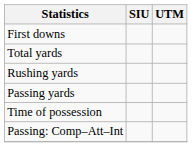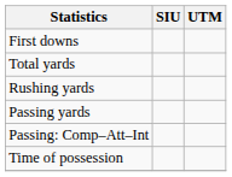 <table class="wikitable" style="float: left;">
 <tr>
 <th>Statistics</th>
 <th>SIU</th>
 <th>UTM</th>
 </tr>
 <tr>
 <td>First downs</td>
 <td></td>
 <td></td>
 </tr>
 <tr>
 <td>Total yards</td>
 <td></td>
 <td></td>
 </tr>
 <tr>
 <td>Rushing yards</td>
 <td></td>
 <td></td>
 </tr>
 <tr>
 <td>Passing yards</td>
 <td></td>
 <td></td>
 </tr>
 <tr>
-<td>Time of possession</td>
+<td>Passing: Comp–Att–Int</td>
 <td></td>
 <td></td>
 </tr>
 <tr>
-<td>Passing: Comp–Att–Int</td>
+<td>Time of possession</td>
 <td></td>
 <td></td>
 </tr>
 <tr>
 </tr>
 </table>
